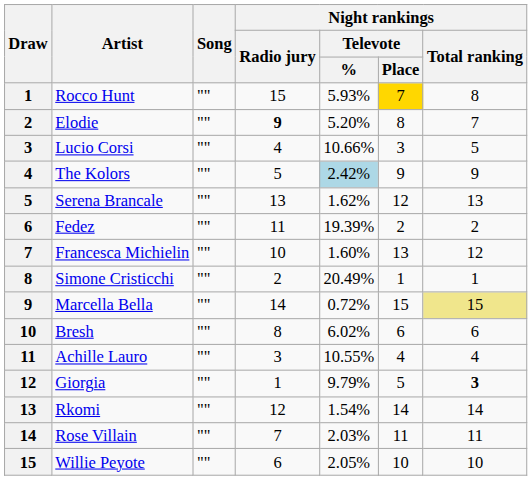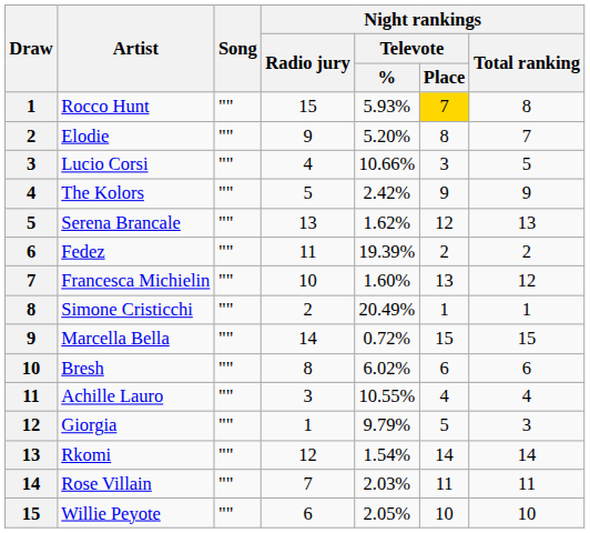 <table class="wikitable sortable plainrowheaders" style="text-align:center">
 <tr>
 <th rowspan="3">Draw</th>
 <th rowspan="3">Artist</th>
 <th rowspan="3">Song</th>
 <th colspan="4" class="unsortable">Night rankings</th>
 </tr>
 <tr>
 <th rowspan="2">Radio jury</th>
 <th colspan="2">Televote</th>
 <th rowspan="2">Total ranking</th>
 </tr>
 <tr>
 <th>%</th>
 <th>Place</th>
 </tr>
 <tr>
 <th scope="row" style="text-align:center">1</th>
 <td align="left"><a href='#'>Rocco Hunt</a></td>
 <td align="left">""</td>
 <td>15</td>
 <td>5.93%</td>
 <td style="background: gold;">7</td>
 <td>8</td>
 </tr>
 <tr>
 <th scope="row" style="text-align:center">2</th>
 <td align="left"><a href='#'>Elodie</a></td>
 <td align="left">""</td>
-<td><strong>9</strong></td>
+<td>9</td>
 <td>5.20%</td>
 <td>8</td>
 <td>7</td>
 </tr>
 <tr>
 <th scope="row" style="text-align:center">3</th>
 <td align="left"><a href='#'>Lucio Corsi</a></td>
 <td align="left">""</td>
 <td>4</td>
 <td>10.66%</td>
 <td>3</td>
 <td>5</td>
 </tr>
 <tr>
 <th scope="row" style="text-align:center">4</th>
 <td align="left"><a href='#'>The Kolors</a></td>
 <td align="left">""</td>
 <td>5</td>
-<td style="background: lightblue;">2.42%</td>
+<td>2.42%</td>
 <td>9</td>
 <td>9</td>
 </tr>
 <tr>
 <th scope="row" style="text-align:center">5</th>
 <td align="left"><a href='#'>Serena Brancale</a></td>
 <td align="left">""</td>
 <td>13</td>
 <td>1.62%</td>
 <td>12</td>
 <td>13</td>
 </tr>
 <tr>
 <th scope="row" style="text-align:center">6</th>
 <td align="left"><a href='#'>Fedez</a></td>
 <td align="left">""</td>
 <td>11</td>
 <td>19.39%</td>
 <td>2</td>
 <td>2</td>
 </tr>
 <tr>
 <th scope="row" style="text-align:center">7</th>
 <td align="left"><a href='#'>Francesca Michielin</a></td>
 <td align="left">""</td>
 <td>10</td>
 <td>1.60%</td>
 <td>13</td>
 <td>12</td>
 </tr>
 <tr>
 <th scope="row" style="text-align:center">8</th>
 <td align="left"><a href='#'>Simone Cristicchi</a></td>
 <td align="left">""</td>
 <td>2</td>
 <td>20.49%</td>
 <td>1</td>
 <td>1</td>
 </tr>
 <tr>
 <th scope="row" style="text-align:center">9</th>
 <td align="left"><a href='#'>Marcella Bella</a></td>
 <td align="left">""</td>
 <td>14</td>
 <td>0.72%</td>
 <td>15</td>
-<td style="background: khaki;">15</td>
+<td>15</td>
 </tr>
 <tr>
 <th scope="row" style="text-align:center">10</th>
 <td align="left"><a href='#'>Bresh</a></td>
 <td align="left">""</td>
 <td>8</td>
 <td>6.02%</td>
 <td>6</td>
 <td>6</td>
 </tr>
 <tr>
 <th scope="row" style="text-align:center">11</th>
 <td align="left"><a href='#'>Achille Lauro</a></td>
 <td align="left">""</td>
 <td>3</td>
 <td>10.55%</td>
 <td>4</td>
 <td>4</td>
 </tr>
 <tr>
 <th scope="row" style="text-align:center">12</th>
 <td align="left"><a href='#'>Giorgia</a></td>
 <td align="left">""</td>
 <td>1</td>
 <td>9.79%</td>
 <td>5</td>
-<td><strong>3</strong></td>
+<td>3</td>
 </tr>
 <tr>
 <th scope="row" style="text-align:center">13</th>
 <td align="left"><a href='#'>Rkomi</a></td>
 <td align="left">""</td>
 <td>12</td>
 <td>1.54%</td>
 <td>14</td>
 <td>14</td>
 </tr>
 <tr>
 <th scope="row" style="text-align:center">14</th>
 <td align="left"><a href='#'>Rose Villain</a></td>
 <td align="left">""</td>
 <td>7</td>
 <td>2.03%</td>
 <td>11</td>
 <td>11</td>
 </tr>
 <tr>
 <th scope="row" style="text-align:center">15</th>
 <td align="left"><a href='#'>Willie Peyote</a></td>
 <td align="left">""</td>
 <td>6</td>
 <td>2.05%</td>
 <td>10</td>
 <td>10</td>
 </tr>
 </table>
